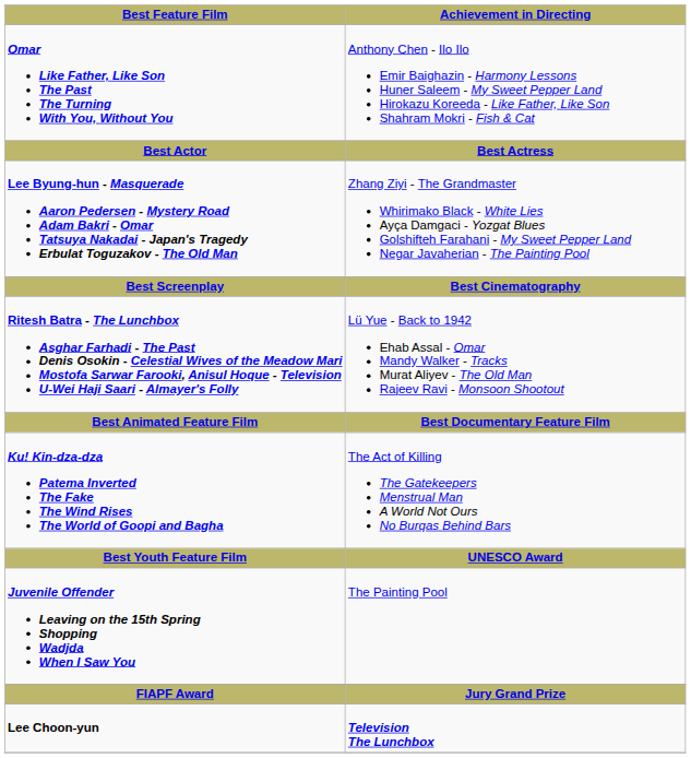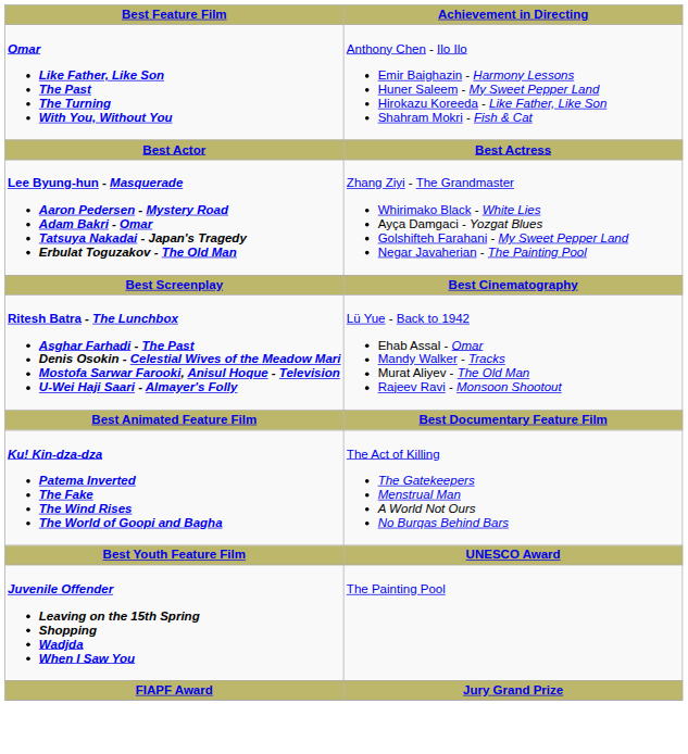 <table class=wikitable>
 <tr>
 <th style="background:#BDB76B; width: 50%"><a href='#'>Best Feature Film</a></th>
 <th style="background:#BDB76B; width: 50%"><a href='#'>Achievement in Directing</a></th>
 </tr>
 <tr>
 <td valign="top"><br><strong> <em><a href='#'>Omar</a><strong><em><ul><li> </em><a href='#'>Like Father, Like Son</a><em></li><li> </em><a href='#'>The Past</a><em></li><li> </em><a href='#'>The Turning</a><em></li><li> </em><a href='#'>With You, Without You</a><em></li></ul></td>
 <td valign="top"><br></strong> <a href='#'>Anthony Chen</a> - </em><a href='#'>Ilo Ilo</a></em></strong><ul><li> <a href='#'>Emir Baighazin</a> - <em><a href='#'>Harmony Lessons</a></em></li><li> <a href='#'>Huner Saleem</a> - <em><a href='#'>My Sweet Pepper Land</a></em></li><li> <a href='#'>Hirokazu Koreeda</a> - <em><a href='#'>Like Father, Like Son</a></em></li><li> <a href='#'>Shahram Mokri</a> - <em><a href='#'>Fish & Cat</a></em></li></ul></td>
 </tr>
 <tr>
 <th style="background:#BDB76B; width: 50%"><a href='#'>Best Actor</a></th>
 <th style="background:#BDB76B; width: 50%"><a href='#'>Best Actress</a></th>
 </tr>
 <tr>
 <td valign="top"><br><strong> <a href='#'>Lee Byung-hun</a> - <em><a href='#'>Masquerade</a><strong><em><ul><li> <a href='#'>Aaron Pedersen</a> - </em><a href='#'>Mystery Road</a><em></li><li> <a href='#'>Adam Bakri</a> - </em><a href='#'>Omar</a><em></li><li> <a href='#'>Tatsuya Nakadai</a> - </em>Japan's Tragedy<em></li><li> Erbulat Toguzakov - </em><a href='#'>The Old Man</a><em></li></ul></td>
 <td valign="top"><br></strong> <a href='#'>Zhang Ziyi</a> - </em><a href='#'>The Grandmaster</a></em></strong><ul><li> <a href='#'>Whirimako Black</a> - <em><a href='#'>White Lies</a></em></li><li> Ayça Damgaci - <em>Yozgat Blues</em></li><li> <a href='#'>Golshifteh Farahani</a> - <em><a href='#'>My Sweet Pepper Land</a></em></li><li> <a href='#'>Negar Javaherian</a> - <em><a href='#'>The Painting Pool</a></em></li></ul></td>
 </tr>
 <tr>
 <th style="background:#BDB76B; width: 50%"><a href='#'>Best Screenplay</a></th>
 <th style="background:#BDB76B; width: 50%"><a href='#'>Best Cinematography</a></th>
 </tr>
 <tr>
 <td valign="top"><br><strong> <a href='#'>Ritesh Batra</a> - <em><a href='#'>The Lunchbox</a><strong><em><ul><li> <a href='#'>Asghar Farhadi</a> - </em><a href='#'>The Past</a><em></li><li> Denis Osokin - </em><a href='#'>Celestial Wives of the Meadow Mari</a><em></li><li> <a href='#'>Mostofa Sarwar Farooki</a>, <a href='#'>Anisul Hoque</a> - </em><a href='#'>Television</a><em></li><li> <a href='#'>U-Wei Haji Saari</a> - </em><a href='#'>Almayer's Folly</a><em></li></ul></td>
 <td valign="top"><br></strong> <a href='#'>Lü Yue</a> - </em><a href='#'>Back to 1942</a></em></strong><ul><li> Ehab Assal - <em><a href='#'>Omar</a></em></li><li> <a href='#'>Mandy Walker</a> - <em><a href='#'>Tracks</a></em></li><li> Murat Aliyev - <em><a href='#'>The Old Man</a></em></li><li> <a href='#'>Rajeev Ravi</a> - <em><a href='#'>Monsoon Shootout</a></em></li></ul></td>
 </tr>
 <tr>
 <th style="background:#BDB76B; width: 50%"><a href='#'>Best Animated Feature Film</a></th>
 <th style="background:#BDB76B; width: 50%"><a href='#'>Best Documentary Feature Film</a></th>
 </tr>
 <tr>
 <td valign="top"><br><strong> <em><a href='#'>Ku! Kin-dza-dza</a><strong><em><ul><li> </em><a href='#'>Patema Inverted</a><em></li><li> </em><a href='#'>The Fake</a><em></li><li> </em><a href='#'>The Wind Rises</a><em></li><li> </em><a href='#'>The World of Goopi and Bagha</a><em></li></ul></td>
 <td valign="top"><br></strong> </em><a href='#'>The Act of Killing</a></em></strong><ul><li> <em><a href='#'>The Gatekeepers</a></em></li><li> <em><a href='#'>Menstrual Man</a></em></li><li> <em>A World Not Ours</em></li><li> <em><a href='#'>No Burqas Behind Bars</a></em></li></ul></td>
 </tr>
 <tr>
 <th style="background:#BDB76B; width: 50%"><a href='#'>Best Youth Feature Film</a></th>
 <th style="background:#BDB76B; width: 50%"><a href='#'>UNESCO Award</a></th>
 </tr>
 <tr>
 <td valign="top"><br><strong> <em><a href='#'>Juvenile Offender</a><strong><em><ul><li> </em>Leaving on the 15th Spring<em></li><li> </em>Shopping<em></li><li> </em><a href='#'>Wadjda</a><em></li><li> </em><a href='#'>When I Saw You</a><em></li></ul></td>
 <td valign="top"><br></strong> </em><a href='#'>The Painting Pool</a></em></strong></td>
 </tr>
 <tr>
 <th style="background:#BDB76B; width: 50%"><a href='#'>FIAPF Award</a></th>
 <th style="background:#BDB76B; width: 50%"><a href='#'>Jury Grand Prize</a></th>
 </tr>
 <tr>
-<td valign="top"><br><strong> Lee Choon-yun</strong></td>
-<td valign="top"><br><strong> <em><a href='#'>Television</a><strong><em> <br> </strong> </em><a href='#'>The Lunchbox</a></em></strong></td>
-</tr>
-<tr>
 </tr>
 </table>
